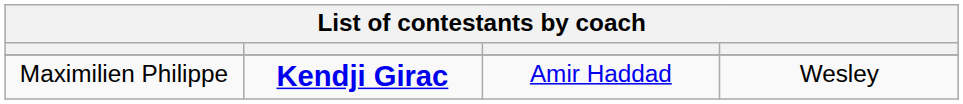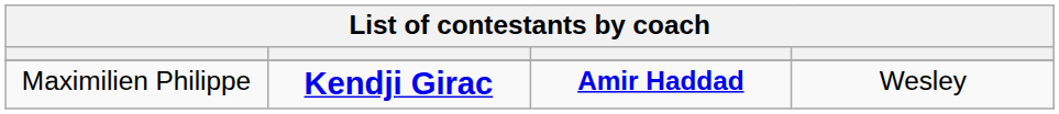 <table class="wikitable" style="margin:0.5em auto">
 <tr>
 <th colspan=4 style="width:95%;">List of contestants by coach</th>
 </tr>
 <tr>
 <th style="width:23%;" scope="col"></th>
 <th style="width:23%;" scope="col"></th>
 <th style="width:23%;" scope="col"></th>
 <th style="width:23%;" scope="col"></th>
 </tr>
 <tr>
 </tr>
 <tr align="center" valign="top">
 <td>Maximilien Philippe<br> </td>
 <td><big><strong><a href='#'>Kendji Girac</a></strong></big><br> </td>
-<td><a href='#'>Amir Haddad</a><br> </td>
+<td><strong><a href='#'>Amir Haddad</a><br> </strong></td>
 <td>Wesley<br> </td>
 </tr>
 </table>
